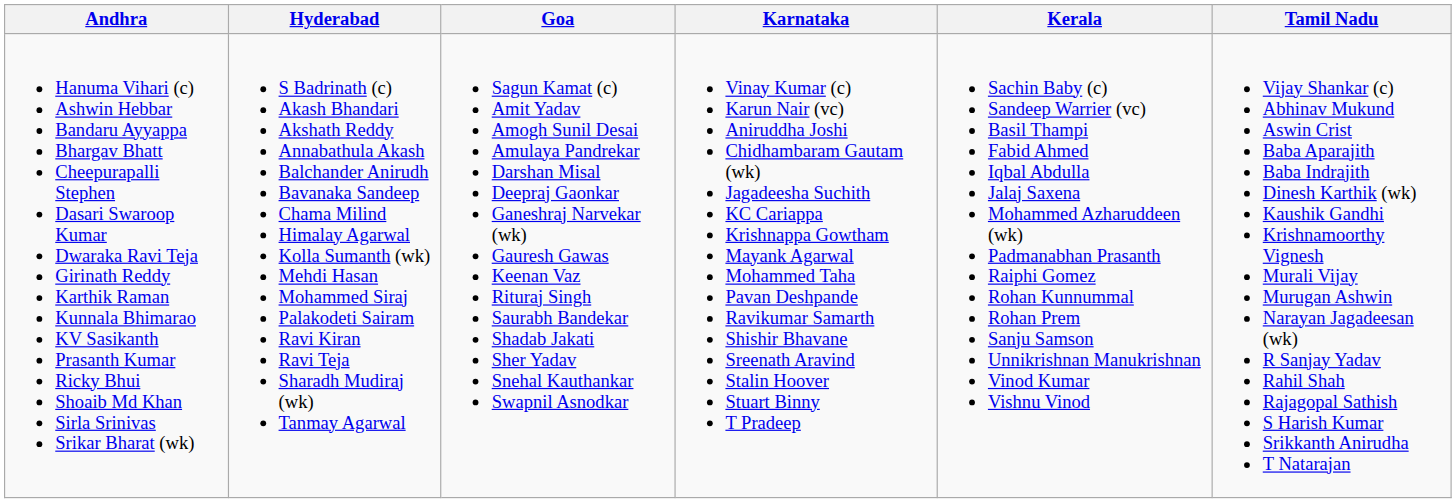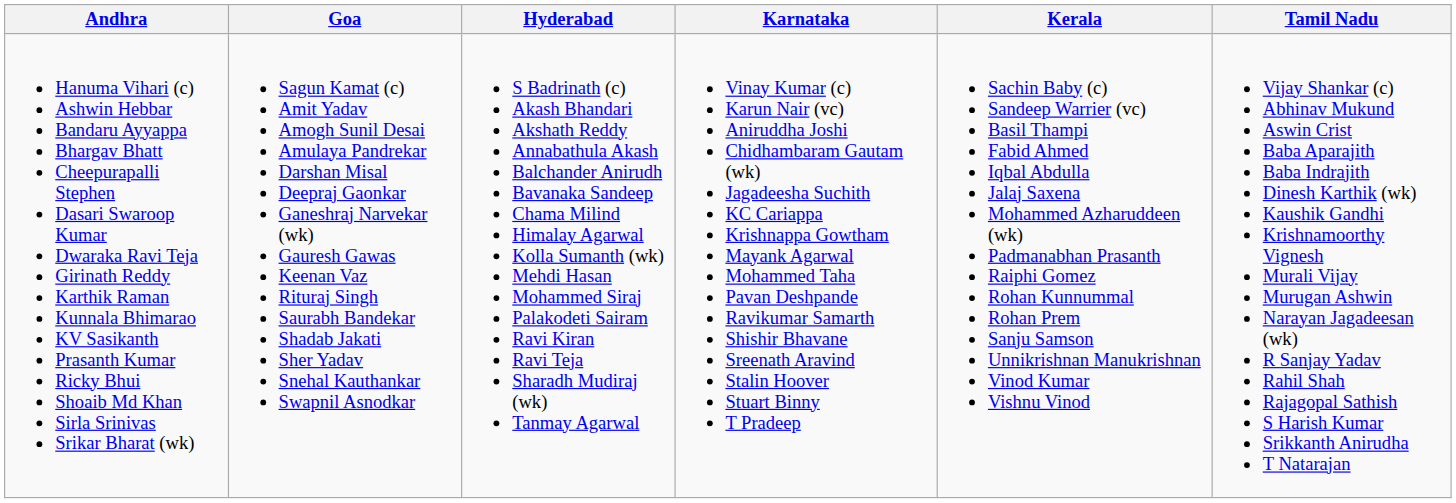 <table class="wikitable">
 <tr>
 <th><a href='#'>Andhra</a></th>
+<th><a href='#'>Goa</a></th>
 <th><a href='#'>Hyderabad</a></th>
-<th><a href='#'>Goa</a></th>
 <th><a href='#'>Karnataka</a></th>
 <th><a href='#'>Kerala</a></th>
 <th><a href='#'>Tamil Nadu</a></th>
 </tr>
 <tr style="vertical-align:top">
 <td><br><ul><li><a href='#'>Hanuma Vihari</a> (c)</li><li><a href='#'>Ashwin Hebbar</a></li><li><a href='#'>Bandaru Ayyappa</a></li><li><a href='#'>Bhargav Bhatt</a></li><li><a href='#'>Cheepurapalli Stephen</a></li><li><a href='#'>Dasari Swaroop Kumar</a></li><li><a href='#'>Dwaraka Ravi Teja</a></li><li><a href='#'>Girinath Reddy</a></li><li><a href='#'>Karthik Raman</a></li><li><a href='#'>Kunnala Bhimarao</a></li><li><a href='#'>KV Sasikanth</a></li><li><a href='#'>Prasanth Kumar</a></li><li><a href='#'>Ricky Bhui</a></li><li><a href='#'>Shoaib Md Khan</a></li><li><a href='#'>Sirla Srinivas</a></li><li><a href='#'>Srikar Bharat</a> (wk)</li></ul></td>
+<td><br><ul><li><a href='#'>Sagun Kamat</a> (c)</li><li><a href='#'>Amit Yadav</a></li><li><a href='#'>Amogh Sunil Desai</a></li><li><a href='#'>Amulaya Pandrekar</a></li><li><a href='#'>Darshan Misal</a></li><li><a href='#'>Deepraj Gaonkar</a></li><li><a href='#'>Ganeshraj Narvekar</a> (wk)</li><li><a href='#'>Gauresh Gawas</a></li><li><a href='#'>Keenan Vaz</a></li><li><a href='#'>Rituraj Singh</a></li><li><a href='#'>Saurabh Bandekar</a></li><li><a href='#'>Shadab Jakati</a></li><li><a href='#'>Sher Yadav</a></li><li><a href='#'>Snehal Kauthankar</a></li><li><a href='#'>Swapnil Asnodkar</a></li></ul></td>
 <td><br><ul><li><a href='#'>S Badrinath</a> (c)</li><li><a href='#'>Akash Bhandari</a></li><li><a href='#'>Akshath Reddy</a></li><li><a href='#'>Annabathula Akash</a></li><li><a href='#'>Balchander Anirudh</a></li><li><a href='#'>Bavanaka Sandeep</a></li><li><a href='#'>Chama Milind</a></li><li><a href='#'>Himalay Agarwal</a></li><li><a href='#'>Kolla Sumanth</a> (wk)</li><li><a href='#'>Mehdi Hasan</a></li><li><a href='#'>Mohammed Siraj</a></li><li><a href='#'>Palakodeti Sairam</a></li><li><a href='#'>Ravi Kiran</a></li><li><a href='#'>Ravi Teja</a></li><li><a href='#'>Sharadh Mudiraj</a> (wk)</li><li><a href='#'>Tanmay Agarwal</a></li></ul></td>
-<td><br><ul><li><a href='#'>Sagun Kamat</a> (c)</li><li><a href='#'>Amit Yadav</a></li><li><a href='#'>Amogh Sunil Desai</a></li><li><a href='#'>Amulaya Pandrekar</a></li><li><a href='#'>Darshan Misal</a></li><li><a href='#'>Deepraj Gaonkar</a></li><li><a href='#'>Ganeshraj Narvekar</a> (wk)</li><li><a href='#'>Gauresh Gawas</a></li><li><a href='#'>Keenan Vaz</a></li><li><a href='#'>Rituraj Singh</a></li><li><a href='#'>Saurabh Bandekar</a></li><li><a href='#'>Shadab Jakati</a></li><li><a href='#'>Sher Yadav</a></li><li><a href='#'>Snehal Kauthankar</a></li><li><a href='#'>Swapnil Asnodkar</a></li></ul></td>
 <td><br><ul><li><a href='#'>Vinay Kumar</a> (c)</li><li><a href='#'>Karun Nair</a> (vc)</li><li><a href='#'>Aniruddha Joshi</a></li><li><a href='#'>Chidhambaram Gautam</a> (wk)</li><li><a href='#'>Jagadeesha Suchith</a></li><li><a href='#'>KC Cariappa</a></li><li><a href='#'>Krishnappa Gowtham</a></li><li><a href='#'>Mayank Agarwal</a></li><li><a href='#'>Mohammed Taha</a></li><li><a href='#'>Pavan Deshpande</a></li><li><a href='#'>Ravikumar Samarth</a></li><li><a href='#'>Shishir Bhavane</a></li><li><a href='#'>Sreenath Aravind</a></li><li><a href='#'>Stalin Hoover</a></li><li><a href='#'>Stuart Binny</a></li><li><a href='#'>T Pradeep</a></li></ul></td>
 <td><br><ul><li><a href='#'>Sachin Baby</a> (c)</li><li><a href='#'>Sandeep Warrier</a> (vc)</li><li><a href='#'>Basil Thampi</a></li><li><a href='#'>Fabid Ahmed</a></li><li><a href='#'>Iqbal Abdulla</a></li><li><a href='#'>Jalaj Saxena</a></li><li><a href='#'>Mohammed Azharuddeen</a> (wk)</li><li><a href='#'>Padmanabhan Prasanth</a></li><li><a href='#'>Raiphi Gomez</a></li><li><a href='#'>Rohan Kunnummal</a></li><li><a href='#'>Rohan Prem</a></li><li><a href='#'>Sanju Samson</a></li><li><a href='#'>Unnikrishnan Manukrishnan</a></li><li><a href='#'>Vinod Kumar</a></li><li><a href='#'>Vishnu Vinod</a></li></ul></td>
 <td><br><ul><li><a href='#'>Vijay Shankar</a> (c)</li><li><a href='#'>Abhinav Mukund</a></li><li><a href='#'>Aswin Crist</a></li><li><a href='#'>Baba Aparajith</a></li><li><a href='#'>Baba Indrajith</a></li><li><a href='#'>Dinesh Karthik</a> (wk)</li><li><a href='#'>Kaushik Gandhi</a></li><li><a href='#'>Krishnamoorthy Vignesh</a></li><li><a href='#'>Murali Vijay</a></li><li><a href='#'>Murugan Ashwin</a></li><li><a href='#'>Narayan Jagadeesan</a> (wk)</li><li><a href='#'>R Sanjay Yadav</a></li><li><a href='#'>Rahil Shah</a></li><li><a href='#'>Rajagopal Sathish</a></li><li><a href='#'>S Harish Kumar</a></li><li><a href='#'>Srikkanth Anirudha</a></li><li><a href='#'>T Natarajan</a></li></ul></td>
 </tr>
 </table>
